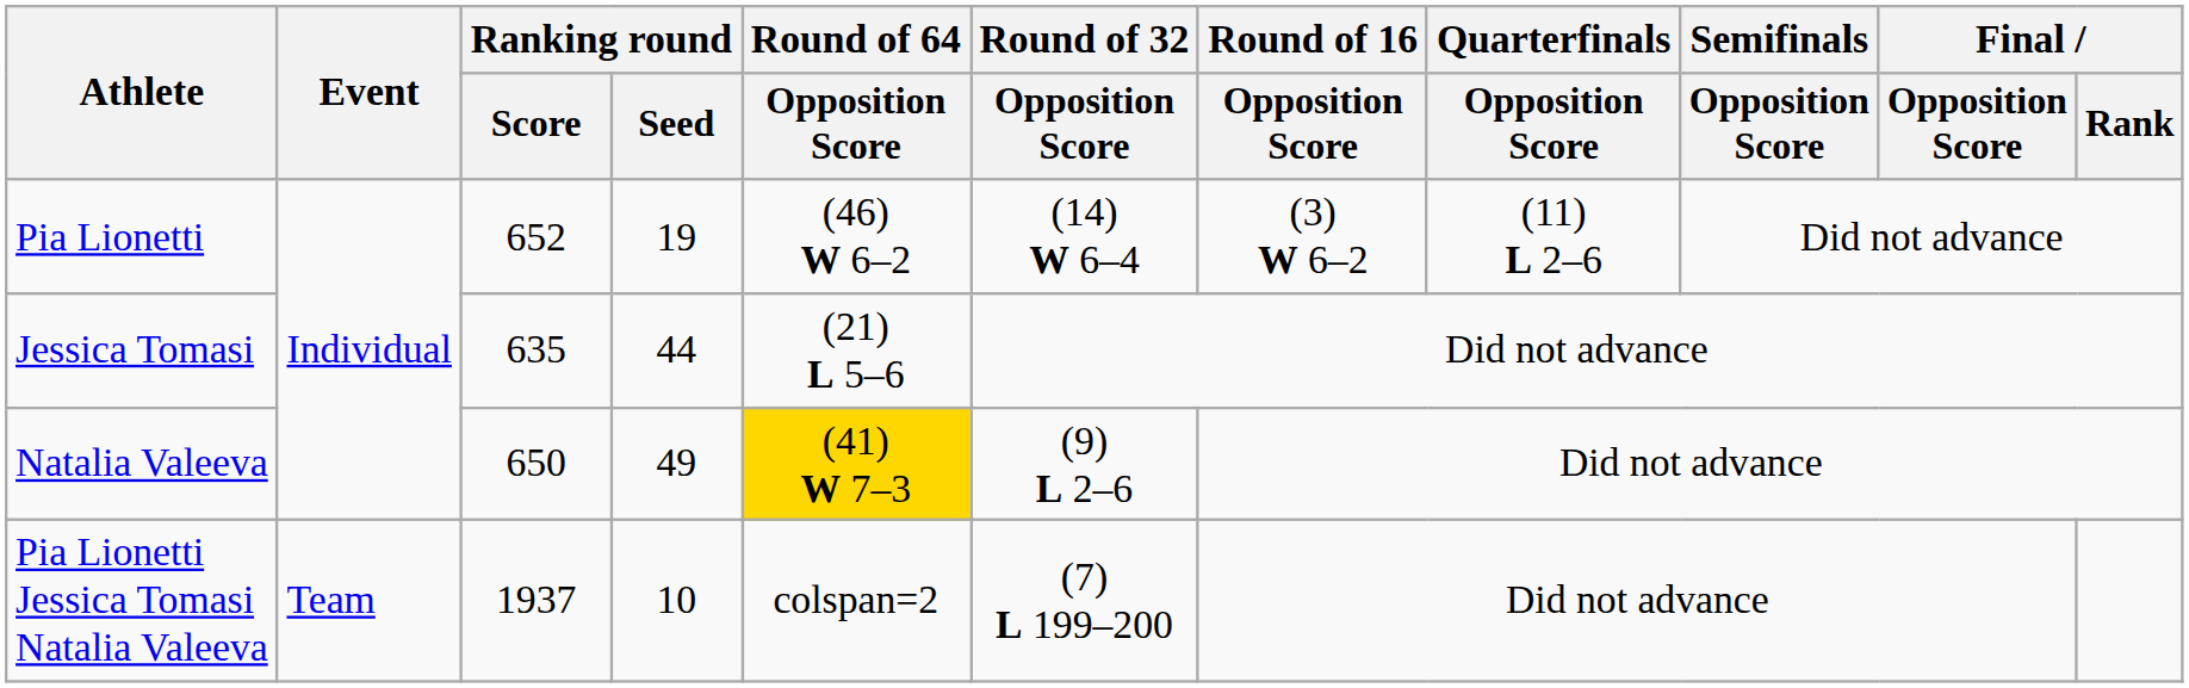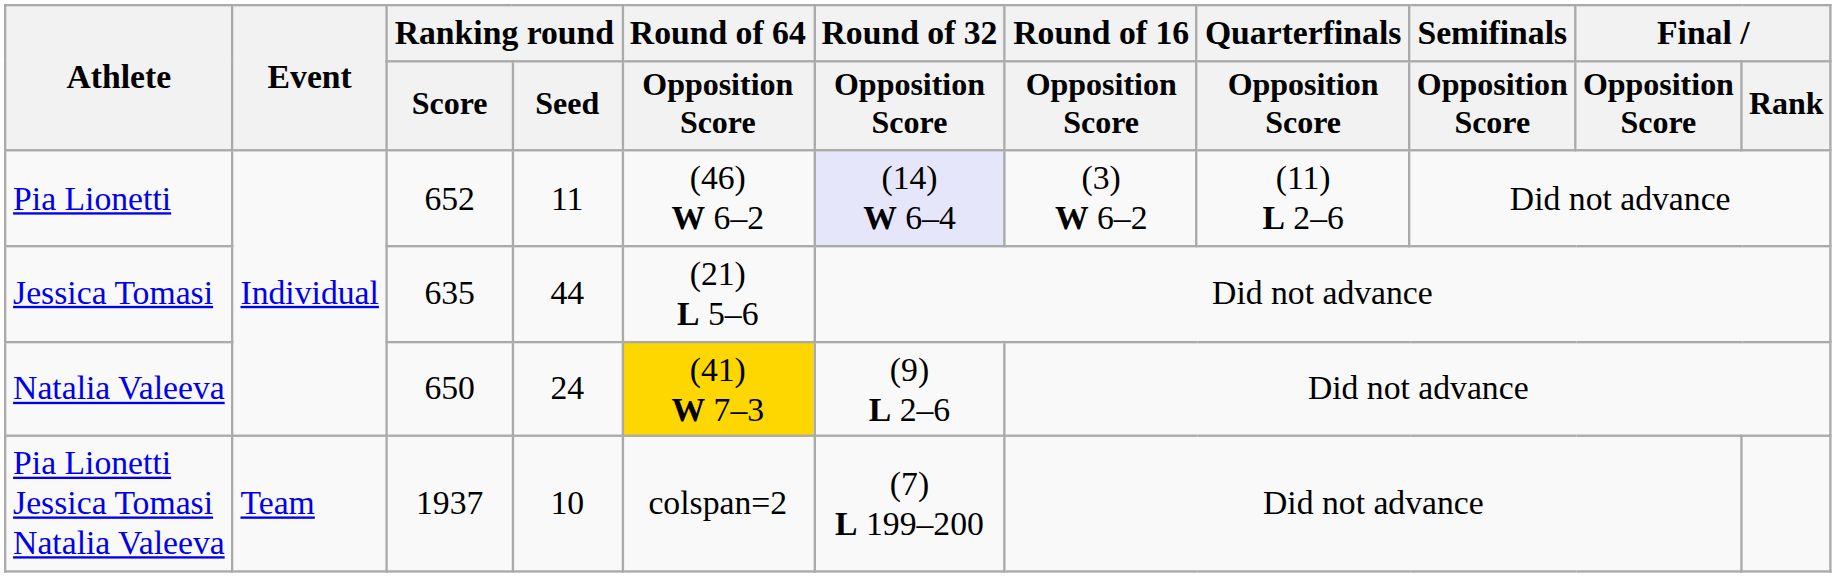 <table class="wikitable" style="font-size:90%">
 <tr>
 <th rowspan="2">Athlete</th>
 <th rowspan="2">Event</th>
 <th colspan="2">Ranking round</th>
 <th>Round of 64</th>
 <th>Round of 32</th>
 <th>Round of 16</th>
 <th>Quarterfinals</th>
 <th>Semifinals</th>
 <th colspan="2">Final / </th>
 </tr>
 <tr style="font-size:95%">
 <th>Score</th>
 <th>Seed</th>
 <th>Opposition<br>Score</th>
 <th>Opposition<br>Score</th>
 <th>Opposition<br>Score</th>
 <th>Opposition<br>Score</th>
 <th>Opposition<br>Score</th>
 <th>Opposition<br>Score</th>
 <th>Rank</th>
 </tr>
 <tr align=center>
 <td align=left><a href='#'>Pia Lionetti</a></td>
 <td align=left rowspan=3><a href='#'>Individual</a></td>
 <td>652</td>
-<td>19</td>
+<td>11</td>
 <td> (46)<br><strong>W</strong> 6–2</td>
-<td> (14)<br><strong>W</strong> 6–4</td>
+<td style="background: lavender;"> (14)<br><strong>W</strong> 6–4</td>
 <td> (3)<br><strong>W</strong> 6–2</td>
 <td> (11)<br><strong>L</strong> 2–6</td>
 <td colspan=3>Did not advance</td>
 </tr>
 <tr align=center>
 <td align=left><a href='#'>Jessica Tomasi</a></td>
 <td>635</td>
 <td>44</td>
 <td> (21)<br> <strong>L</strong> 5–6</td>
 <td colspan=6>Did not advance</td>
 </tr>
 <tr align=center>
 <td align=left><a href='#'>Natalia Valeeva</a></td>
 <td>650</td>
-<td>49</td>
+<td>24</td>
 <td style="background: gold;"> (41)<br><strong>W</strong> 7–3</td>
 <td> (9)<br><strong>L</strong> 2–6</td>
 <td colspan=5>Did not advance</td>
 </tr>
 <tr align=center>
 <td align=left><a href='#'>Pia Lionetti</a><br><a href='#'>Jessica Tomasi</a><br><a href='#'>Natalia Valeeva</a></td>
 <td align=left><a href='#'>Team</a></td>
 <td>1937</td>
 <td>10</td>
 <td>colspan=2 </td>
 <td> (7)<br><strong>L</strong> 199–200</td>
 <td colspan=4>Did not advance</td>
 </tr>
 </table>
